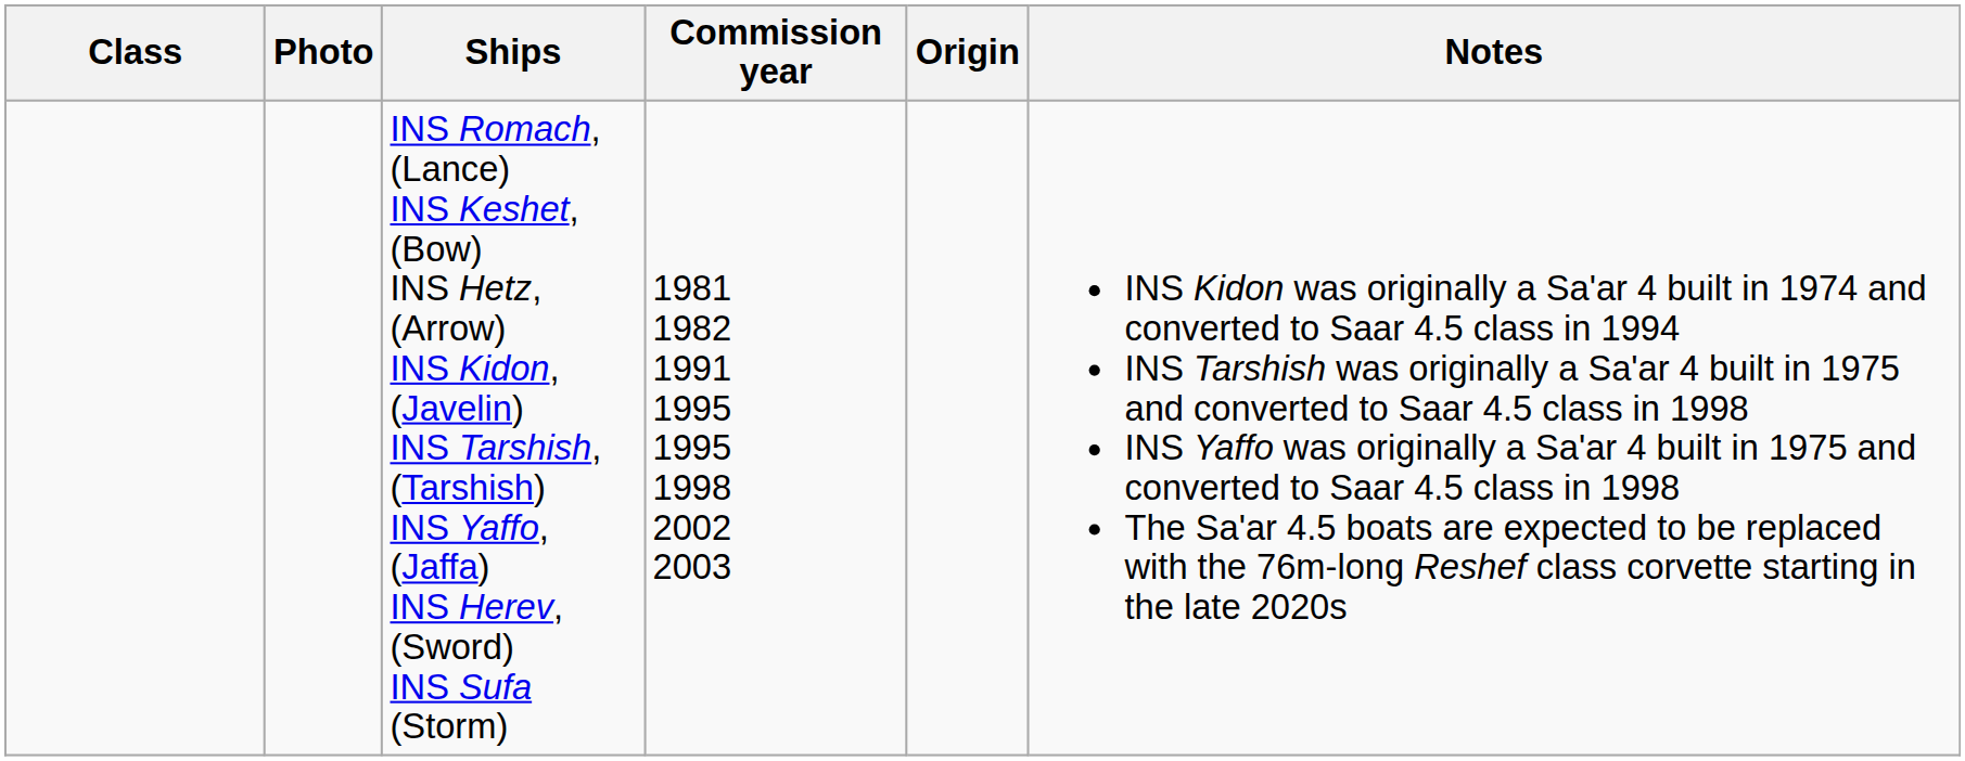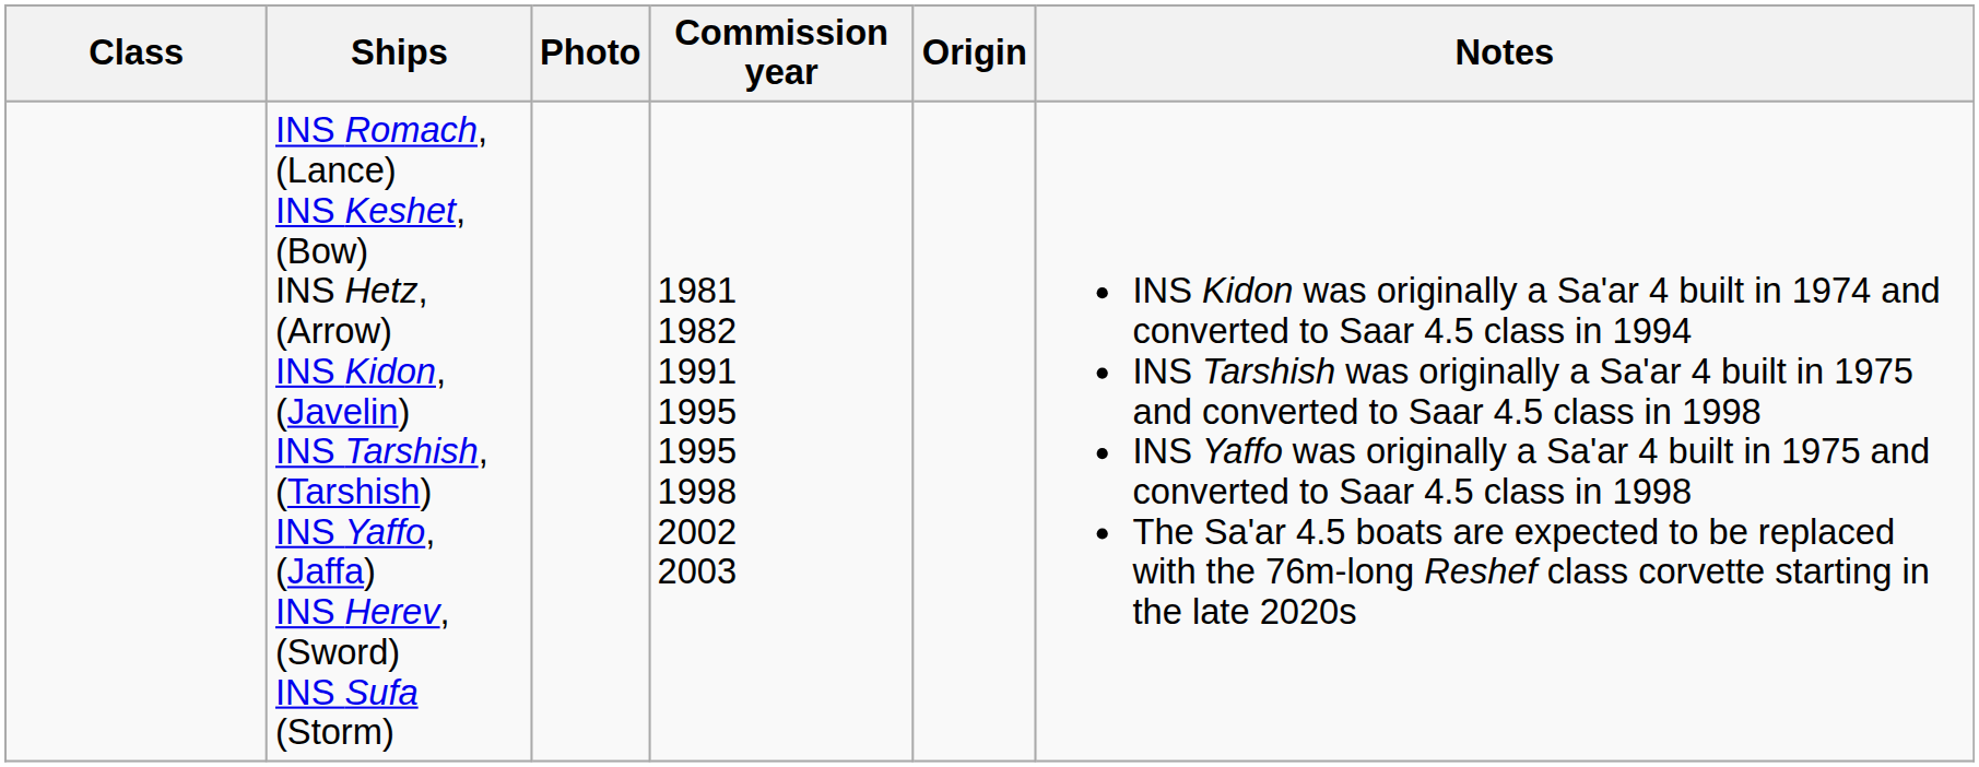 <table class="wikitable" style="margin:auto; width:100%;">
 <tr>
 <th width="110">Class</th>
+<th>Ships</th>
 <th>Photo</th>
-<th>Ships</th>
 <th>Commission year</th>
 <th>Origin</th>
 <th>Notes</th>
 </tr>
 <tr>
 <td></td>
+<td><a href='#'>INS <em>Romach</em></a>,  (Lance)<br><a href='#'>INS <em>Keshet</em></a>,  (Bow)<br>INS <em>Hetz</em>,  (Arrow)<br><a href='#'>INS <em>Kidon</em></a>,  (<a href='#'>Javelin</a>)<br><a href='#'>INS <em>Tarshish</em></a>,  (<a href='#'>Tarshish</a>)<br><a href='#'>INS <em>Yaffo</em></a>,  (<a href='#'>Jaffa</a>)<br><a href='#'>INS <em>Herev</em></a>,  (Sword)<br><a href='#'>INS <em>Sufa</em></a>  (Storm)</td>
 <td></td>
-<td><a href='#'>INS <em>Romach</em></a>,  (Lance)<br><a href='#'>INS <em>Keshet</em></a>,  (Bow)<br>INS <em>Hetz</em>,  (Arrow)<br><a href='#'>INS <em>Kidon</em></a>,  (<a href='#'>Javelin</a>)<br><a href='#'>INS <em>Tarshish</em></a>,  (<a href='#'>Tarshish</a>)<br><a href='#'>INS <em>Yaffo</em></a>,  (<a href='#'>Jaffa</a>)<br><a href='#'>INS <em>Herev</em></a>,  (Sword)<br><a href='#'>INS <em>Sufa</em></a>  (Storm)</td>
 <td>1981<br>1982<br>1991<br>1995<br>1995<br>1998<br>2002<br>2003</td>
 <td></td>
 <td><br><ul><li>INS <em>Kidon</em> was originally a Sa'ar 4 built in 1974 and converted to Saar 4.5 class in 1994</li><li>INS <em>Tarshish</em> was originally a Sa'ar 4 built in 1975 and converted to Saar 4.5 class in 1998</li><li>INS <em>Yaffo</em> was originally a Sa'ar 4 built in 1975 and converted to Saar 4.5 class in 1998</li><li>The Sa'ar 4.5 boats are expected to be replaced with the 76m-long <em>Reshef</em> class corvette starting in the late 2020s</li></ul></td>
 </tr>
 </table>
